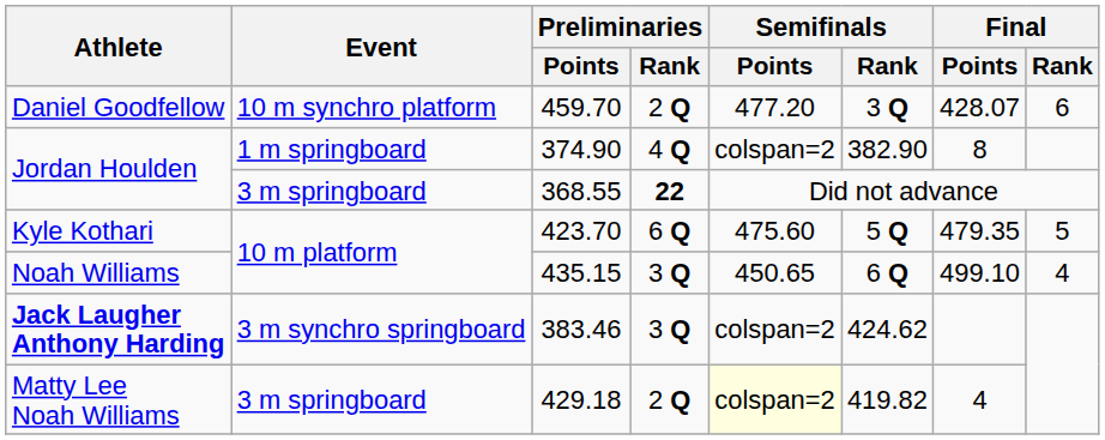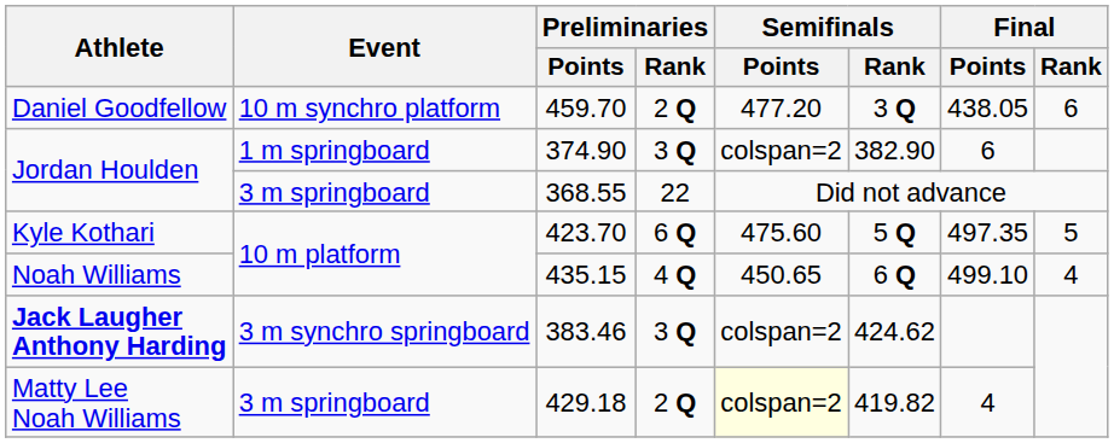 <table class="wikitable" style="text-align:center; font-size:90%;">
 <tr>
 <th rowspan=2>Athlete</th>
 <th rowspan=2>Event</th>
 <th colspan=2>Preliminaries</th>
 <th colspan=2>Semifinals</th>
 <th colspan=2>Final</th>
 </tr>
 <tr style="font-size:95%">
 <th>Points</th>
 <th>Rank</th>
 <th>Points</th>
 <th>Rank</th>
 <th>Points</th>
 <th>Rank</th>
 </tr>
 <tr>
 <td align=left><a href='#'>Daniel Goodfellow</a></td>
 <td align=left><a href='#'>10 m synchro platform</a></td>
 <td>459.70</td>
 <td>2 <strong>Q</strong></td>
 <td>477.20</td>
 <td>3 <strong>Q</strong></td>
-<td>428.07</td>
+<td>438.05</td>
 <td>6</td>
 </tr>
 <tr>
 <td align=left rowspan=2><a href='#'>Jordan Houlden</a></td>
 <td align=left><a href='#'>1 m springboard</a></td>
 <td>374.90</td>
-<td>4 <strong>Q</strong></td>
+<td>3 <strong>Q</strong></td>
 <td>colspan=2 </td>
 <td>382.90</td>
-<td>8</td>
+<td>6</td>
 </tr>
 <tr>
 <td align=left><a href='#'>3 m springboard</a></td>
 <td>368.55</td>
-<td><strong>22</strong></td>
+<td>22</td>
 <td colspan=4>Did not advance</td>
 </tr>
 <tr>
 <td align=left><a href='#'>Kyle Kothari</a></td>
 <td align=left rowspan=2><a href='#'>10 m platform</a></td>
 <td>423.70</td>
 <td>6 <strong>Q</strong></td>
 <td>475.60</td>
 <td>5 <strong>Q</strong></td>
-<td>479.35</td>
+<td>497.35</td>
 <td>5</td>
 </tr>
 <tr>
 <td align=left><a href='#'>Noah Williams</a></td>
 <td>435.15</td>
-<td>3 <strong>Q</strong></td>
+<td>4 <strong>Q</strong></td>
 <td>450.65</td>
 <td>6 <strong>Q</strong></td>
 <td>499.10</td>
 <td>4</td>
 </tr>
 <tr>
 <td align=left><strong><a href='#'>Jack Laugher</a><br> <a href='#'>Anthony Harding</a></strong></td>
 <td align=left><a href='#'>3 m synchro springboard</a></td>
 <td>383.46</td>
 <td>3 <strong>Q</strong></td>
 <td>colspan=2 </td>
 <td>424.62</td>
 <td></td>
 </tr>
 <tr>
 <td align=left><a href='#'>Matty Lee</a><br> <a href='#'>Noah Williams</a></td>
 <td align=left><a href='#'>3 m springboard</a></td>
 <td>429.18</td>
 <td>2 <strong>Q</strong></td>
 <td style="background: lightyellow;">colspan=2 </td>
 <td>419.82</td>
 <td>4</td>
 </tr>
 </table>
